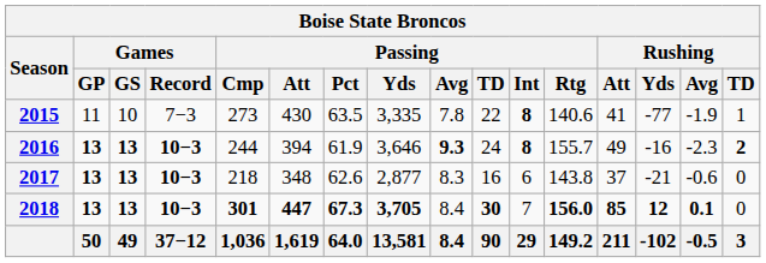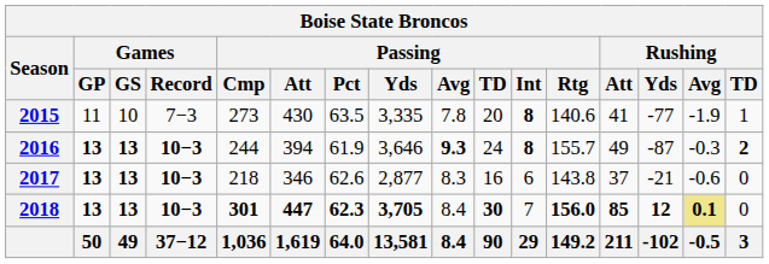 <table class="wikitable" style="text-align:center;">
 <tr>
 <th colspan="16">Boise State Broncos</th>
 </tr>
 <tr>
 <th rowspan="2">Season</th>
 <th colspan="3">Games</th>
 <th colspan="8">Passing</th>
 <th colspan="5">Rushing</th>
 </tr>
 <tr>
 <th>GP</th>
 <th>GS</th>
 <th>Record</th>
 <th>Cmp</th>
 <th>Att</th>
 <th>Pct</th>
 <th>Yds</th>
 <th>Avg</th>
 <th>TD</th>
 <th>Int</th>
 <th>Rtg</th>
 <th>Att</th>
 <th>Yds</th>
 <th>Avg</th>
 <th>TD</th>
 </tr>
 <tr>
 <th><a href='#'>2015</a></th>
 <td>11</td>
 <td>10</td>
 <td>7−3</td>
 <td>273</td>
 <td>430</td>
 <td>63.5</td>
 <td>3,335</td>
 <td>7.8</td>
-<td>22</td>
+<td>20</td>
 <td><strong>8</strong></td>
 <td>140.6</td>
 <td>41</td>
 <td>-77</td>
 <td>-1.9</td>
 <td>1</td>
 </tr>
 <tr>
 <th><a href='#'>2016</a></th>
 <td><strong>13</strong></td>
 <td><strong>13</strong></td>
 <td><strong>10−3</strong></td>
 <td>244</td>
 <td>394</td>
 <td>61.9</td>
 <td>3,646</td>
 <td><strong>9.3</strong></td>
 <td>24</td>
 <td><strong>8</strong></td>
 <td>155.7</td>
 <td>49</td>
-<td>-16</td>
-<td>-2.3</td>
+<td>-87</td>
+<td>-0.3</td>
 <td><strong>2</strong></td>
 </tr>
 <tr>
 <th><a href='#'>2017</a></th>
 <td><strong>13</strong></td>
 <td><strong>13</strong></td>
 <td><strong>10−3</strong></td>
 <td>218</td>
-<td>348</td>
+<td>346</td>
 <td>62.6</td>
 <td>2,877</td>
 <td>8.3</td>
 <td>16</td>
 <td>6</td>
 <td>143.8</td>
 <td>37</td>
 <td>-21</td>
 <td>-0.6</td>
 <td>0</td>
 </tr>
 <tr>
 <th><a href='#'>2018</a></th>
 <td><strong>13</strong></td>
 <td><strong>13</strong></td>
 <td><strong>10−3</strong></td>
 <td><strong>301</strong></td>
 <td><strong>447</strong></td>
-<td><strong>67.3</strong></td>
+<td><strong>62.3</strong></td>
 <td><strong>3,705</strong></td>
 <td>8.4</td>
 <td><strong>30</strong></td>
 <td>7</td>
 <td><strong>156.0</strong></td>
 <td><strong>85</strong></td>
 <td><strong>12</strong></td>
-<td><strong>0.1</strong></td>
+<td style="background: khaki;"><strong>0.1</strong></td>
 <td>0</td>
 </tr>
 <tr>
 <th></th>
 <th>50</th>
 <th>49</th>
 <th>37−12</th>
 <th>1,036</th>
 <th>1,619</th>
 <th>64.0</th>
 <th>13,581</th>
 <th>8.4</th>
 <th>90</th>
 <th>29</th>
 <th>149.2</th>
 <th>211</th>
 <th>-102</th>
 <th>-0.5</th>
 <th>3</th>
 </tr>
 </table>
